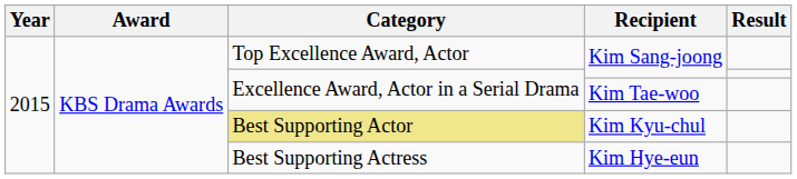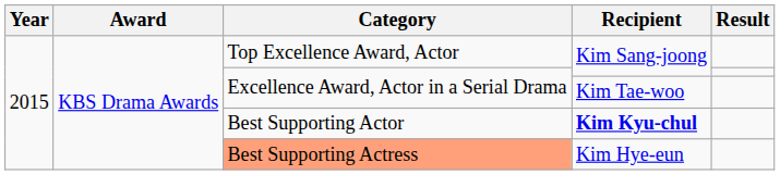 <table class="wikitable">
 <tr>
 <th>Year</th>
 <th>Award</th>
 <th>Category</th>
 <th>Recipient</th>
 <th>Result</th>
 </tr>
 <tr>
 <td rowspan=5>2015</td>
 <td rowspan=5><a href='#'>KBS Drama Awards</a></td>
 <td>Top Excellence Award, Actor</td>
 <td rowspan=2><a href='#'>Kim Sang-joong</a></td>
 <td></td>
 </tr>
 <tr>
 <td rowspan=2>Excellence Award, Actor in a Serial Drama</td>
 <td></td>
 </tr>
 <tr>
 <td><a href='#'>Kim Tae-woo</a></td>
 <td></td>
 </tr>
 <tr>
-<td style="background: khaki;">Best Supporting Actor</td>
-<td><a href='#'>Kim Kyu-chul</a></td>
+<td>Best Supporting Actor</td>
+<td><strong><a href='#'>Kim Kyu-chul</a></strong></td>
 <td></td>
 </tr>
 <tr>
-<td>Best Supporting Actress</td>
+<td style="background: lightsalmon;">Best Supporting Actress</td>
 <td><a href='#'>Kim Hye-eun</a></td>
 <td></td>
 </tr>
 </table>
